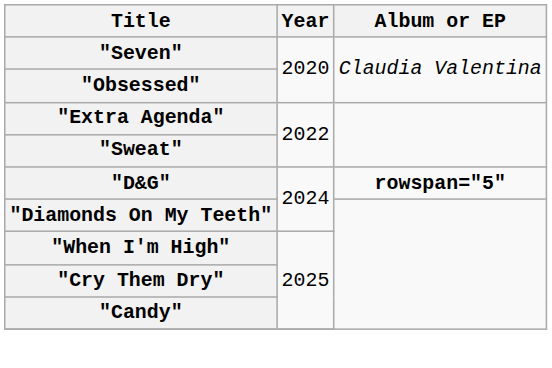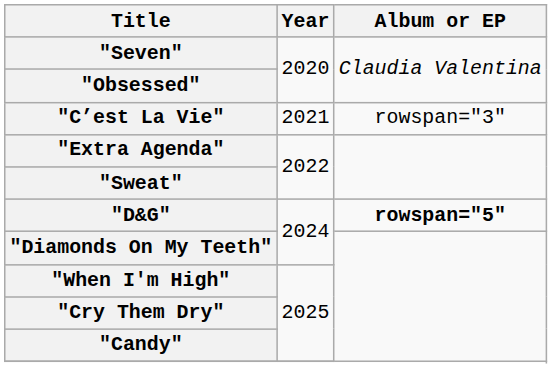 <table class="wikitable plainrowheaders" style="text-align:center;">
 <tr>
 <th scope="col" rowspan="1">Title</th>
 <th scope="col" rowspan="1">Year</th>
 <th scope="col" rowspan="1">Album or EP</th>
 </tr>
 <tr>
 <th scope="row">"Seven"</th>
 <td rowspan="2">2020</td>
 <td rowspan="2"><em>Claudia Valentina</em></td>
 </tr>
 <tr>
 <th scope="row">"Obsessed"</th>
+</tr>
+<tr>
+<th scope="row">"C’est La Vie"</th>
+<td>2021</td>
+<td>rowspan="3" </td>
 </tr>
 <tr>
 <th scope="row">"Extra Agenda"</th>
 <td rowspan="2">2022</td>
 </tr>
 <tr>
 <th scope="row">"Sweat"</th>
 </tr>
 <tr>
 <th scope="row">"D&G"</th>
 <td rowspan="2">2024</td>
 <td><strong>rowspan="5" </strong></td>
 </tr>
 <tr>
 <th scope="row">"Diamonds On My Teeth"</th>
 </tr>
 <tr>
 <th scope="row">"When I'm High"</th>
 <td rowspan="3">2025</td>
 </tr>
 <tr>
 <th scope="row">"Cry Them Dry"</th>
 </tr>
 <tr>
 <th scope="row">"Candy"</th>
 </tr>
 <tr>
 </tr>
 </table>
